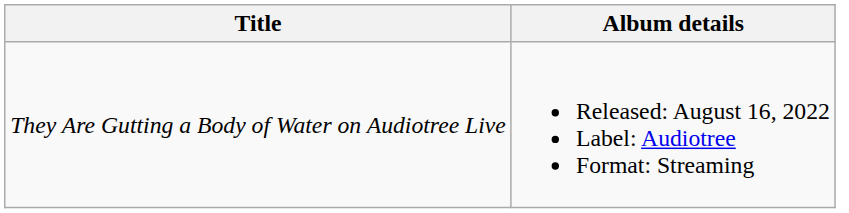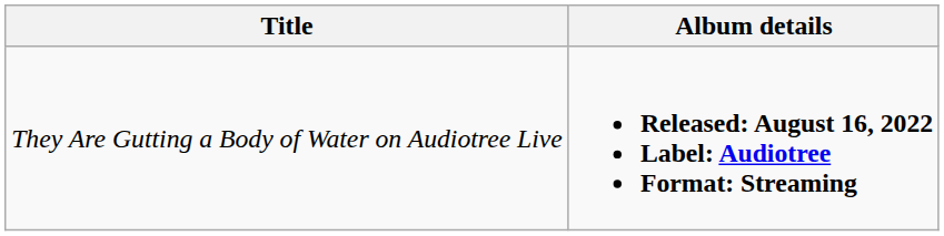 <table class="wikitable">
 <tr>
 <th>Title</th>
 <th>Album details</th>
 </tr>
 <tr>
 <td><em>They Are Gutting a Body of Water on Audiotree Live</em></td>
-<td><br><ul><li>Released: August 16, 2022</li><li>Label: <a href='#'>Audiotree</a></li><li>Format: Streaming</li></ul></td>
+<td><strong><br><ul><li>Released: August 16, 2022</li><li>Label: <a href='#'>Audiotree</a></li><li>Format: Streaming</li></ul></strong></td>
 </tr>
 </table>
